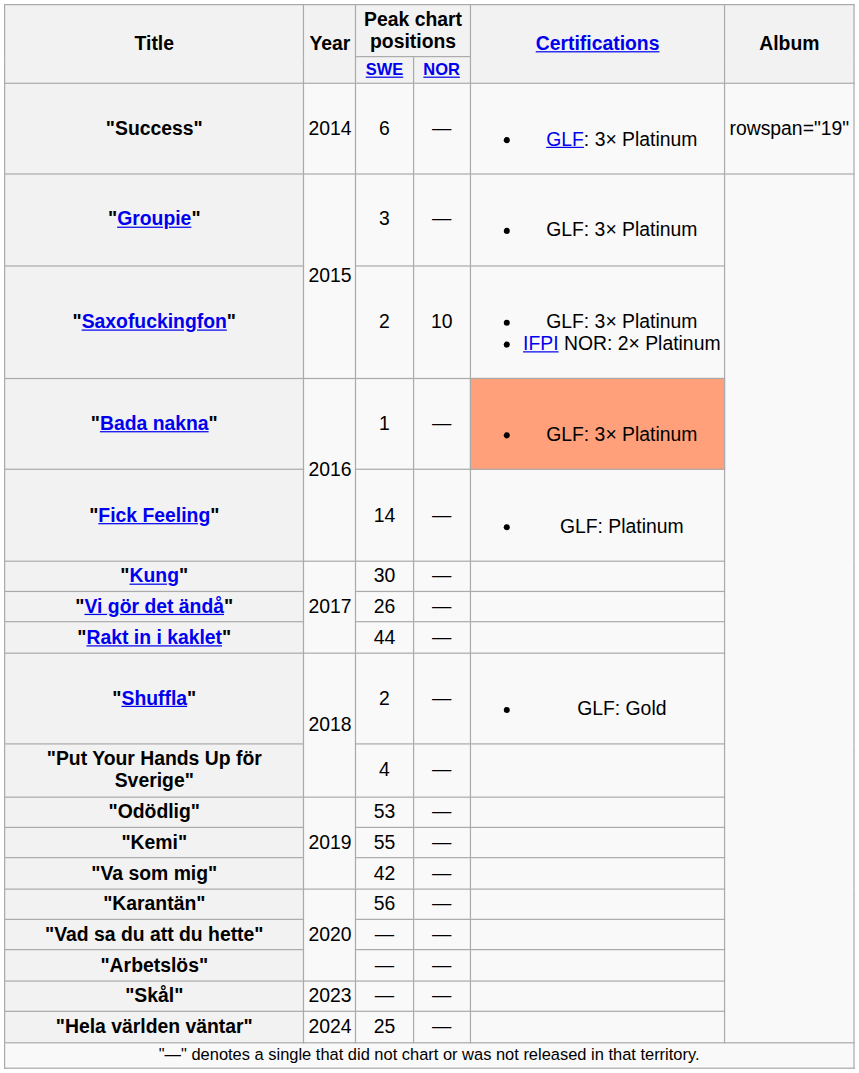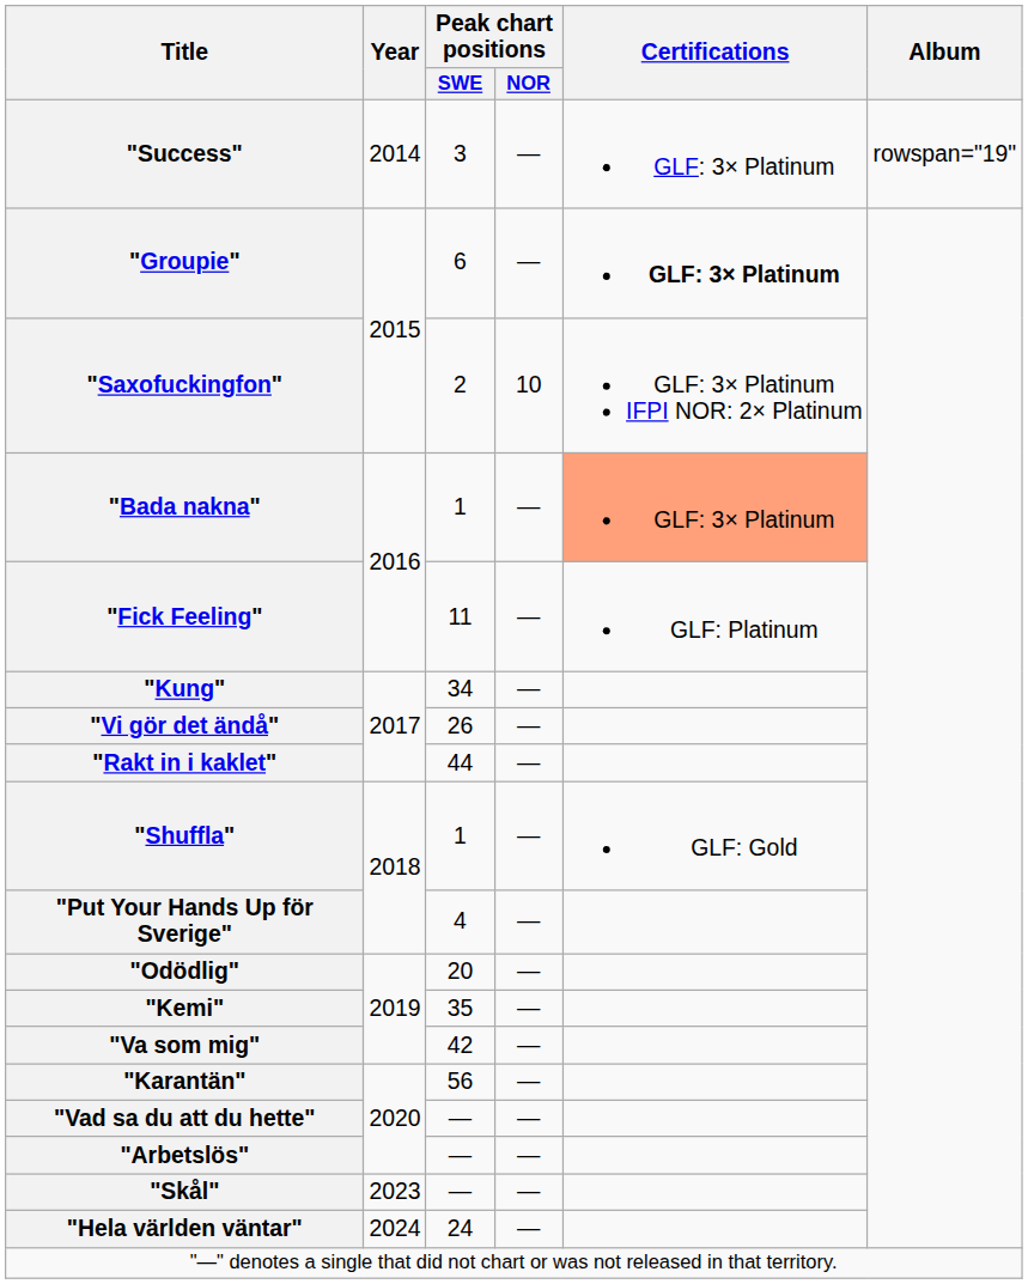 <table class="wikitable plainrowheaders" style="text-align:center;">
 <tr>
 <th scope="col" rowspan="2" style="width:15em;">Title</th>
 <th scope="col" rowspan="2" style="width:1em;">Year</th>
 <th scope="col" colspan="2">Peak chart positions</th>
 <th scope="col" rowspan="2"><a href='#'>Certifications</a></th>
 <th scope="col" rowspan="2">Album</th>
 </tr>
 <tr>
 <th scope="col" style="width:3em;font-size:85%;"><a href='#'>SWE</a><br></th>
 <th scope="col" style="width:3em;font-size:85%;"><a href='#'>NOR</a><br></th>
 </tr>
 <tr>
 <th scope="row">"Success"</th>
 <td>2014</td>
-<td>6</td>
+<td>3</td>
 <td>—</td>
 <td><br><ul><li><a href='#'>GLF</a>: 3× Platinum</li></ul></td>
 <td>rowspan="19" </td>
 </tr>
 <tr>
 <th scope="row">"<a href='#'>Groupie</a>"</th>
 <td rowspan="2">2015</td>
-<td>3</td>
+<td>6</td>
 <td>—</td>
-<td><br><ul><li>GLF: 3× Platinum</li></ul></td>
+<td><strong><br><ul><li>GLF: 3× Platinum</li></ul></strong></td>
 </tr>
 <tr>
 <th scope="row">"<a href='#'>Saxofuckingfon</a>"</th>
 <td>2</td>
 <td>10</td>
 <td><br><ul><li>GLF: 3× Platinum</li><li><a href='#'>IFPI</a> NOR: 2× Platinum</li></ul></td>
 </tr>
 <tr>
 <th scope="row">"<a href='#'>Bada nakna</a>"</th>
 <td rowspan="2">2016</td>
 <td>1</td>
 <td>—</td>
 <td style="background: lightsalmon;"><br><ul><li>GLF: 3× Platinum</li></ul></td>
 </tr>
 <tr>
 <th scope="row">"<a href='#'>Fick Feeling</a>"</th>
-<td>14</td>
+<td>11</td>
 <td>—</td>
 <td><br><ul><li>GLF: Platinum</li></ul></td>
 </tr>
 <tr>
 <th scope="row">"<a href='#'>Kung</a>"</th>
 <td rowspan="3">2017</td>
-<td>30</td>
+<td>34</td>
 <td>—</td>
 <td></td>
 </tr>
 <tr>
 <th scope="row">"<a href='#'>Vi gör det ändå</a>"</th>
 <td>26</td>
 <td>—</td>
 <td></td>
 </tr>
 <tr>
 <th scope="row">"<a href='#'>Rakt in i kaklet</a>"</th>
 <td>44</td>
 <td>—</td>
 <td></td>
 </tr>
 <tr>
 <th scope="row">"<a href='#'>Shuffla</a>"</th>
 <td rowspan="2">2018</td>
-<td>2</td>
+<td>1</td>
 <td>—</td>
 <td><br><ul><li>GLF: Gold</li></ul></td>
 </tr>
 <tr>
 <th scope="row">"Put Your Hands Up för Sverige"<br></th>
 <td>4<br></td>
 <td>—</td>
 <td></td>
 </tr>
 <tr>
 <th scope="row">"Odödlig"</th>
 <td rowspan="3">2019</td>
-<td>53</td>
+<td>20</td>
 <td>—</td>
 <td></td>
 </tr>
 <tr>
 <th scope="row">"Kemi"</th>
-<td>55</td>
+<td>35</td>
 <td>—</td>
 <td></td>
 </tr>
 <tr>
 <th scope="row">"Va som mig"<br></th>
 <td>42<br></td>
 <td>—</td>
 <td></td>
 </tr>
 <tr>
 <th scope="row">"Karantän"<br></th>
 <td rowspan="3">2020</td>
 <td>56</td>
 <td>—</td>
 <td></td>
 </tr>
 <tr>
 <th scope="row">"Vad sa du att du hette"</th>
 <td>—</td>
 <td>—</td>
 <td></td>
 </tr>
 <tr>
 <th scope="row">"Arbetslös"</th>
 <td>—</td>
 <td>—</td>
 <td></td>
 </tr>
 <tr>
 <th scope="row">"Skål"</th>
 <td>2023</td>
 <td>—</td>
 <td>—</td>
 <td></td>
 </tr>
 <tr>
 <th scope="row">"Hela världen väntar"</th>
 <td>2024</td>
-<td>25<br></td>
+<td>24<br></td>
 <td>—</td>
 <td></td>
 </tr>
 <tr>
 <td colspan="14" style="font-size:85%">"—" denotes a single that did not chart or was not released in that territory.</td>
 </tr>
 </table>
